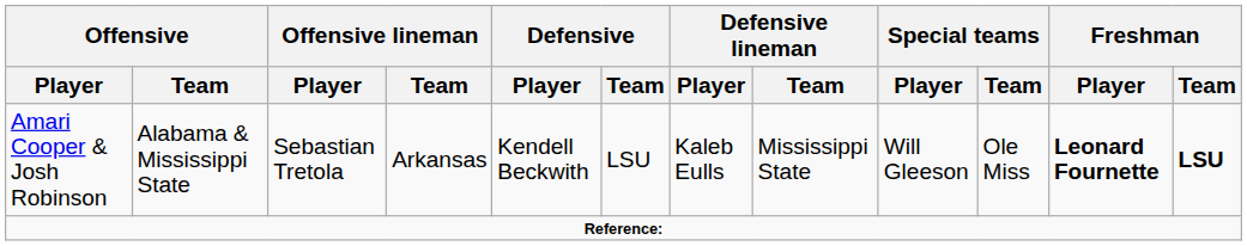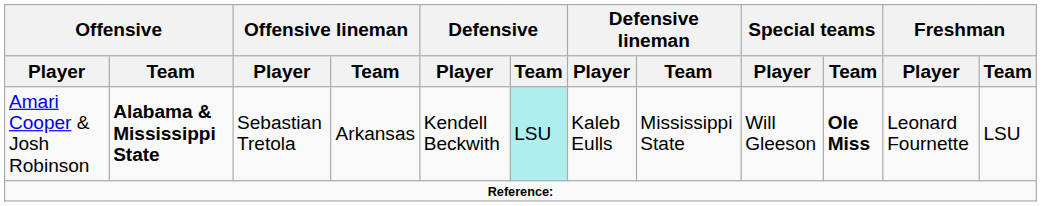 <table class="wikitable" border="1">
 <tr>
 <th colspan="2">Offensive</th>
 <th colspan="2">Offensive lineman</th>
 <th colspan="2">Defensive</th>
 <th colspan="2">Defensive lineman</th>
 <th colspan="2">Special teams</th>
 <th colspan="2">Freshman</th>
 </tr>
 <tr>
 <th>Player</th>
 <th>Team</th>
 <th>Player</th>
 <th>Team</th>
 <th>Player</th>
 <th>Team</th>
 <th>Player</th>
 <th>Team</th>
 <th>Player</th>
 <th>Team</th>
 <th>Player</th>
 <th>Team</th>
 </tr>
 <tr>
 <td><a href='#'>Amari Cooper</a> & Josh Robinson</td>
-<td>Alabama & Mississippi State</td>
+<td><strong>Alabama & Mississippi State</strong></td>
 <td>Sebastian Tretola</td>
 <td>Arkansas</td>
 <td>Kendell Beckwith</td>
-<td>LSU</td>
+<td style="background: paleturquoise;">LSU</td>
 <td>Kaleb Eulls</td>
 <td>Mississippi State</td>
 <td>Will Gleeson</td>
-<td>Ole Miss</td>
-<td><strong>Leonard Fournette</strong></td>
-<td><strong>LSU</strong></td>
+<td><strong>Ole Miss</strong></td>
+<td>Leonard Fournette</td>
+<td>LSU</td>
 </tr>
 <tr>
 <td colspan="12" style="font-size: 8pt" align="center"><strong>Reference:</strong></td>
 </tr>
 </table>
